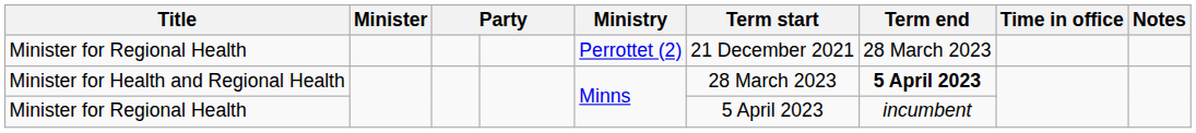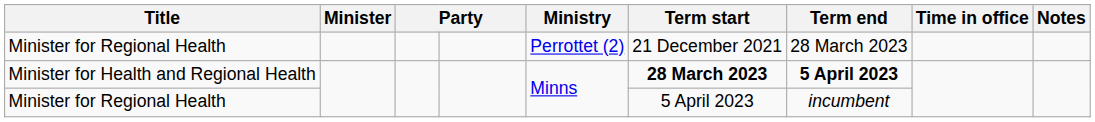 <table class="wikitable sortable">
 <tr>
 <th>Title</th>
 <th>Minister</th>
 <th colspan=2>Party</th>
 <th>Ministry</th>
 <th>Term start</th>
 <th>Term end</th>
 <th>Time in office</th>
 <th class="unsortable">Notes</th>
 </tr>
 <tr>
 <td>Minister for Regional Health</td>
 <td></td>
 <td> </td>
 <td width=8%></td>
 <td><a href='#'>Perrottet (2)</a></td>
 <td align=center>21 December 2021</td>
 <td align=center>28 March 2023</td>
 <td align=right></td>
 <td></td>
 </tr>
 <tr>
 <td>Minister for Health and Regional Health</td>
 <td rowspan=2></td>
 <td rowspan=2 > </td>
 <td width=8% rowspan=2></td>
 <td rowspan=2><a href='#'>Minns</a></td>
-<td align=center>28 March 2023</td>
+<td align=center><strong>28 March 2023</strong></td>
 <td align=center><strong>5 April 2023</strong></td>
 <td align=right rowspan=2></td>
 <td rowspan=2></td>
 </tr>
 <tr>
 <td>Minister for Regional Health</td>
 <td align=center>5 April 2023</td>
 <td align=center><em>incumbent</em></td>
 </tr>
 </table>
